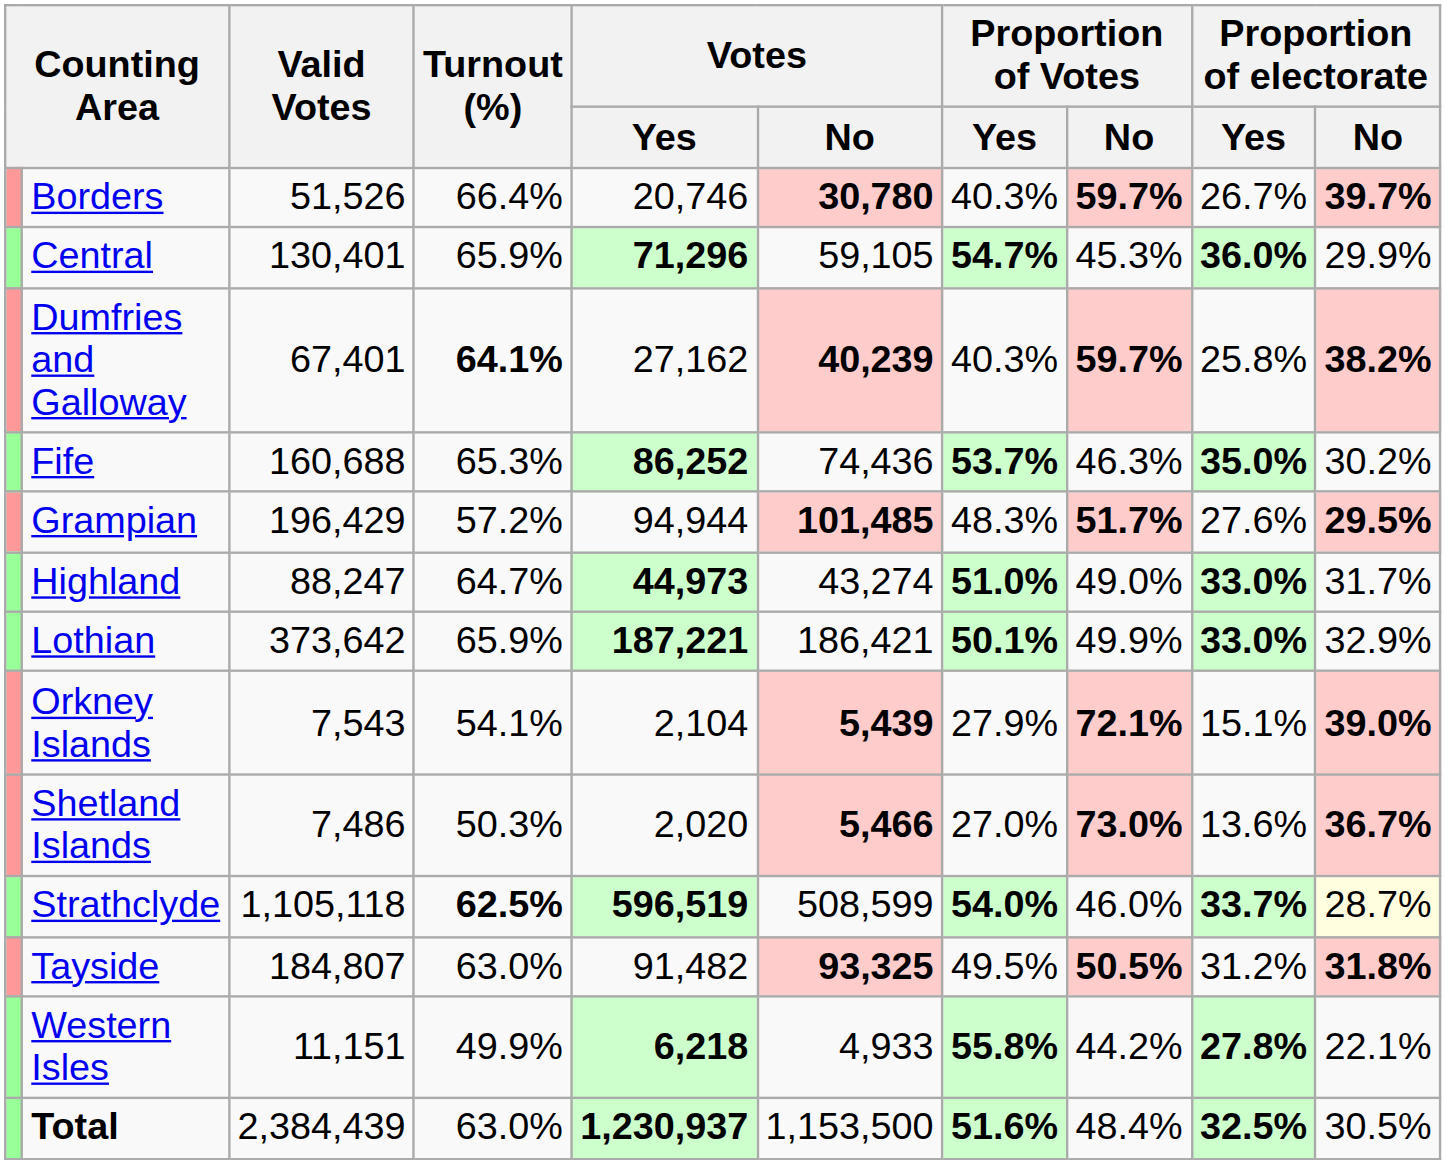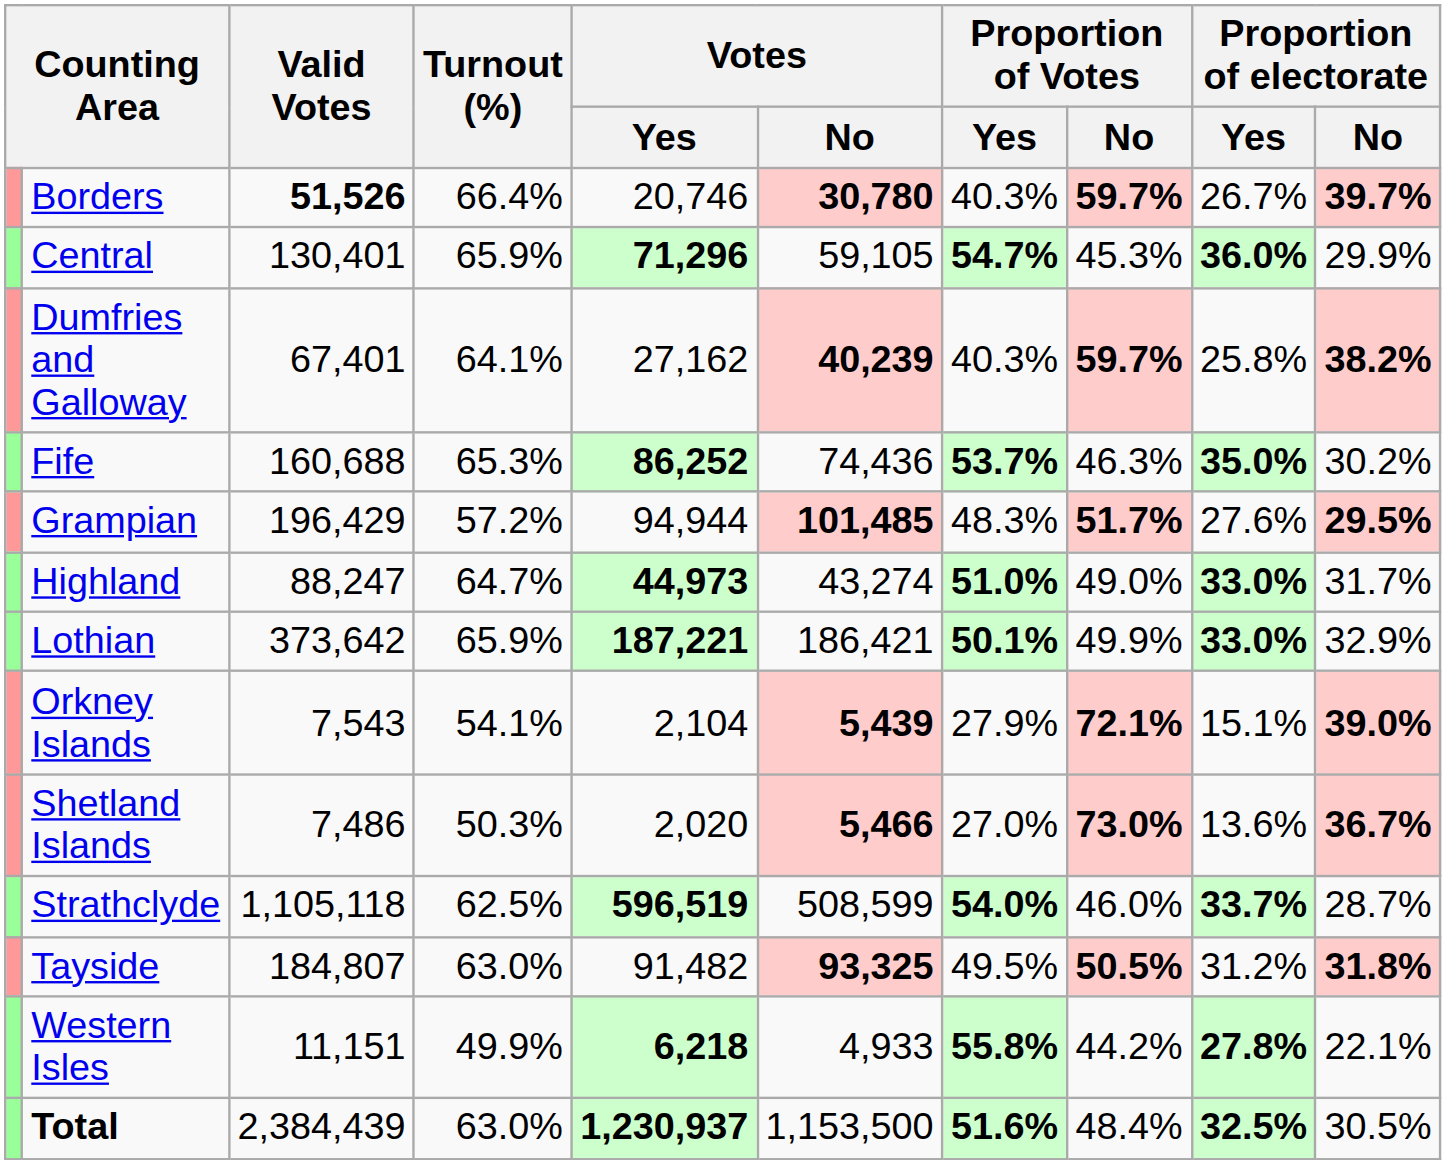 <table class="wikitable sortable" style="text-align:right;">
 <tr>
 <th colspan="2" rowspan="2">Counting Area</th>
 <th rowspan="2">Valid Votes</th>
 <th rowspan="2">Turnout (%)</th>
 <th colspan="2">Votes</th>
 <th colspan="2">Proportion of Votes</th>
 <th colspan="2">Proportion of electorate</th>
 </tr>
 <tr>
 <th>Yes</th>
 <th>No</th>
 <th>Yes</th>
 <th>No</th>
 <th>Yes</th>
 <th>No</th>
 </tr>
 <tr>
 <td style="background:#FF9999;"></td>
 <td style="text-align:left;"><a href='#'>Borders</a></td>
-<td>51,526</td>
+<td><strong>51,526</strong></td>
 <td>66.4%</td>
 <td>20,746</td>
 <td style="background:#FFCCCC;"><strong>30,780</strong></td>
 <td>40.3%</td>
 <td style="background:#FFCCCC;"><strong>59.7%</strong></td>
 <td>26.7%</td>
 <td style="background:#FFCCCC;"><strong>39.7%</strong></td>
 </tr>
 <tr>
 <td style="background:#99FF99;"></td>
 <td style="text-align:left;"><a href='#'>Central</a></td>
 <td>130,401</td>
 <td>65.9%</td>
 <td style="background:#CCFFCC;"><strong>71,296</strong></td>
 <td>59,105</td>
 <td style="background:#CCFFCC;"><strong>54.7%</strong></td>
 <td>45.3%</td>
 <td style="background:#CCFFCC;"><strong>36.0%</strong></td>
 <td>29.9%</td>
 </tr>
 <tr>
 <td style="background:#FF9999;"></td>
 <td style="text-align:left;"><a href='#'>Dumfries and Galloway</a></td>
 <td>67,401</td>
-<td><strong>64.1%</strong></td>
+<td>64.1%</td>
 <td>27,162</td>
 <td style="background:#FFCCCC;"><strong>40,239</strong></td>
 <td>40.3%</td>
 <td style="background:#FFCCCC;"><strong>59.7%</strong></td>
 <td>25.8%</td>
 <td style="background:#FFCCCC;"><strong>38.2%</strong></td>
 </tr>
 <tr>
 <td style="background:#99FF99;"></td>
 <td style="text-align:left;"><a href='#'>Fife</a></td>
 <td>160,688</td>
 <td>65.3%</td>
 <td style="background:#CCFFCC;"><strong>86,252</strong></td>
 <td>74,436</td>
 <td style="background:#CCFFCC;"><strong>53.7%</strong></td>
 <td>46.3%</td>
 <td style="background:#CCFFCC;"><strong>35.0%</strong></td>
 <td>30.2%</td>
 </tr>
 <tr>
 <td style="background:#FF9999;"></td>
 <td style="text-align:left;"><a href='#'>Grampian</a></td>
 <td>196,429</td>
 <td>57.2%</td>
 <td>94,944</td>
 <td style="background:#FFCCCC;"><strong>101,485</strong></td>
 <td>48.3%</td>
 <td style="background:#FFCCCC;"><strong>51.7%</strong></td>
 <td>27.6%</td>
 <td style="background:#FFCCCC;"><strong>29.5%</strong></td>
 </tr>
 <tr>
 <td style="background:#99FF99;"></td>
 <td style="text-align:left;"><a href='#'>Highland</a></td>
 <td>88,247</td>
 <td>64.7%</td>
 <td style="background:#CCFFCC;"><strong>44,973</strong></td>
 <td>43,274</td>
 <td style="background:#CCFFCC;"><strong>51.0%</strong></td>
 <td>49.0%</td>
 <td style="background:#CCFFCC;"><strong>33.0%</strong></td>
 <td>31.7%</td>
 </tr>
 <tr>
 <td style="background:#99FF99;"></td>
 <td style="text-align:left;"><a href='#'>Lothian</a></td>
 <td>373,642</td>
 <td>65.9%</td>
 <td style="background:#CCFFCC;"><strong>187,221</strong></td>
 <td>186,421</td>
 <td style="background:#CCFFCC;"><strong>50.1%</strong></td>
 <td>49.9%</td>
 <td style="background:#CCFFCC;"><strong>33.0%</strong></td>
 <td>32.9%</td>
 </tr>
 <tr>
 <td style="background:#FF9999;"></td>
 <td style="text-align:left;"><a href='#'>Orkney Islands</a></td>
 <td>7,543</td>
 <td>54.1%</td>
 <td>2,104</td>
 <td style="background:#FFCCCC;"><strong>5,439</strong></td>
 <td>27.9%</td>
 <td style="background:#FFCCCC;"><strong>72.1%</strong></td>
 <td>15.1%</td>
 <td style="background:#FFCCCC;"><strong>39.0%</strong></td>
 </tr>
 <tr>
 <td style="background:#FF9999;"></td>
 <td style="text-align:left;"><a href='#'>Shetland Islands</a></td>
 <td>7,486</td>
 <td>50.3%</td>
 <td>2,020</td>
 <td style="background:#FFCCCC;"><strong>5,466</strong></td>
 <td>27.0%</td>
 <td style="background:#FFCCCC;"><strong>73.0%</strong></td>
 <td>13.6%</td>
 <td style="background:#FFCCCC;"><strong>36.7%</strong></td>
 </tr>
 <tr>
 <td style="background:#99FF99;"></td>
 <td style="text-align:left;"><a href='#'>Strathclyde</a></td>
 <td>1,105,118</td>
-<td><strong>62.5%</strong></td>
+<td>62.5%</td>
 <td style="background:#CCFFCC;"><strong>596,519</strong></td>
 <td>508,599</td>
 <td style="background:#CCFFCC;"><strong>54.0%</strong></td>
 <td>46.0%</td>
 <td style="background:#CCFFCC;"><strong>33.7%</strong></td>
-<td style="background: lightyellow;">28.7%</td>
+<td>28.7%</td>
 </tr>
 <tr>
 <td style="background:#FF9999;"></td>
 <td style="text-align:left;"><a href='#'>Tayside</a></td>
 <td>184,807</td>
 <td>63.0%</td>
 <td>91,482</td>
 <td style="background:#FFCCCC;"><strong>93,325</strong></td>
 <td>49.5%</td>
 <td style="background:#FFCCCC;"><strong>50.5%</strong></td>
 <td>31.2%</td>
 <td style="background:#FFCCCC;"><strong>31.8%</strong></td>
 </tr>
 <tr>
 <td style="background:#99FF99;"></td>
 <td style="text-align:left;"><a href='#'>Western Isles</a></td>
 <td>11,151</td>
 <td>49.9%</td>
 <td style="background:#CCFFCC;"><strong>6,218</strong></td>
 <td>4,933</td>
 <td style="background:#CCFFCC;"><strong>55.8%</strong></td>
 <td>44.2%</td>
 <td style="background:#CCFFCC;"><strong>27.8%</strong></td>
 <td>22.1%</td>
 </tr>
 <tr>
 <td style="background:#99FF99;"></td>
 <td style="text-align:left;"><strong>Total</strong></td>
 <td>2,384,439</td>
 <td>63.0%</td>
 <td style="background:#CCFFCC;"><strong>1,230,937</strong></td>
 <td>1,153,500</td>
 <td style="background:#CCFFCC;"><strong>51.6%</strong></td>
 <td>48.4%</td>
 <td style="background:#CCFFCC;"><strong>32.5%</strong></td>
 <td>30.5%</td>
 </tr>
 </table>
